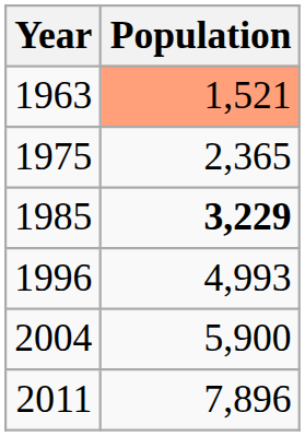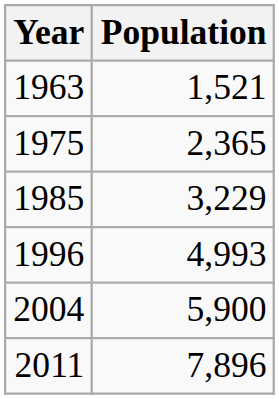 <table class="wikitable" style="line-height:1.1em;">
 <tr>
 <th>Year</th>
 <th>Population</th>
 </tr>
 <tr align="right">
 <td>1963</td>
-<td style="background: lightsalmon;">1,521</td>
+<td>1,521</td>
 </tr>
 <tr align="right">
 <td>1975</td>
 <td>2,365</td>
 </tr>
 <tr align="right">
 <td>1985</td>
-<td><strong>3,229</strong></td>
+<td>3,229</td>
 </tr>
 <tr align="right">
 <td>1996</td>
 <td>4,993</td>
 </tr>
 <tr align="right">
 <td>2004</td>
 <td>5,900</td>
 </tr>
 <tr align="right">
 <td>2011</td>
 <td>7,896</td>
 </tr>
 </table>
